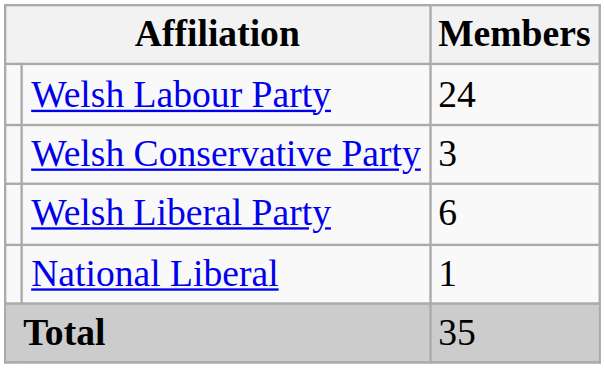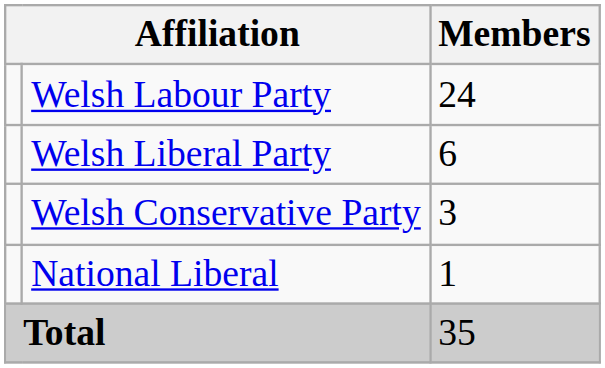 <table class="wikitable">
 <tr>
 <th colspan="2">Affiliation</th>
 <th>Members</th>
 </tr>
 <tr>
 <td style="color:inherit;background:"></td>
 <td><a href='#'>Welsh Labour Party</a></td>
 <td>24</td>
 </tr>
 <tr>
 <td style="color:inherit;background:"></td>
-<td><a href='#'>Welsh Conservative Party</a></td>
-<td>3</td>
+<td><a href='#'>Welsh Liberal Party</a></td>
+<td>6</td>
 </tr>
 <tr>
 <td style="color:inherit;background:"></td>
-<td><a href='#'>Welsh Liberal Party</a></td>
-<td>6</td>
+<td><a href='#'>Welsh Conservative Party</a></td>
+<td>3</td>
 </tr>
 <tr>
 <td style="color:inherit;background-color: "></td>
 <td><a href='#'>National Liberal</a></td>
 <td>1</td>
 </tr>
 <tr style="background:#ccc;">
 <td colspan="2"> <strong>Total</strong></td>
 <td>35</td>
 </tr>
 </table>
